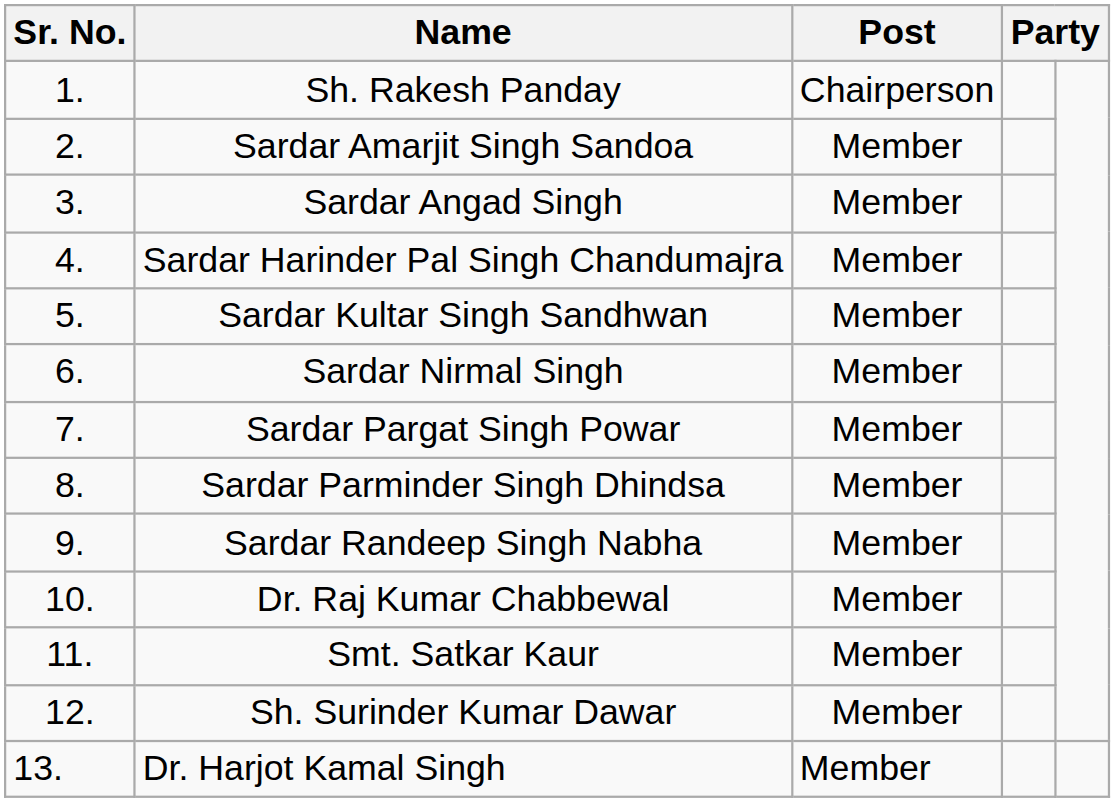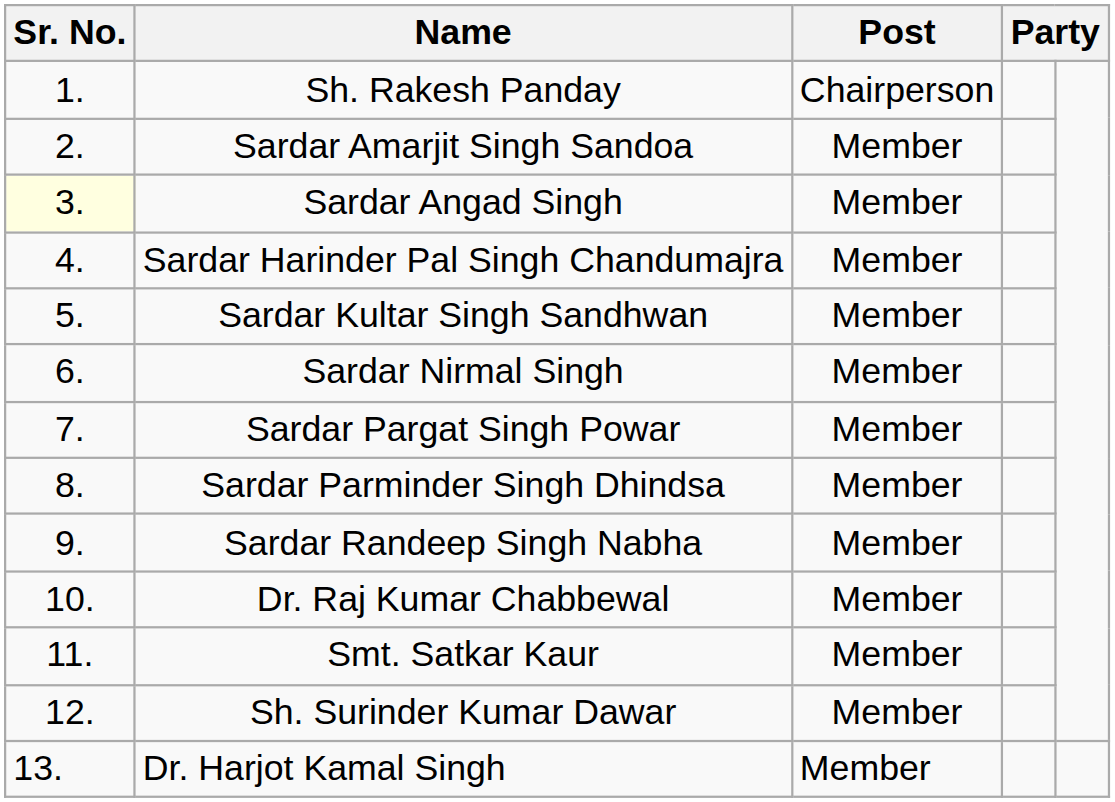 <table class="wikitable sortable">
 <tr>
 <th>Sr. No.</th>
 <th>Name</th>
 <th>Post</th>
 <th colspan="2">Party</th>
 </tr>
 <tr align="center">
 <td>1.</td>
 <td>Sh. Rakesh Panday</td>
 <td>Chairperson</td>
 <td></td>
 </tr>
 <tr align="center">
 <td>2.</td>
 <td>Sardar Amarjit Singh Sandoa</td>
 <td>Member</td>
 <td></td>
 </tr>
 <tr align="center">
-<td>3.</td>
+<td style="background: lightyellow;">3.</td>
 <td>Sardar Angad Singh</td>
 <td>Member</td>
 <td></td>
 </tr>
 <tr align="center">
 <td>4.</td>
 <td>Sardar Harinder Pal Singh Chandumajra</td>
 <td>Member</td>
 <td></td>
 </tr>
 <tr align="center">
 <td>5.</td>
 <td>Sardar Kultar Singh Sandhwan</td>
 <td>Member</td>
 <td></td>
 </tr>
 <tr align="center">
 <td>6.</td>
 <td>Sardar Nirmal Singh</td>
 <td>Member</td>
 <td></td>
 </tr>
 <tr align="center">
 <td>7.</td>
 <td>Sardar Pargat Singh Powar</td>
 <td>Member</td>
 <td></td>
 </tr>
 <tr align="center">
 <td>8.</td>
 <td>Sardar Parminder Singh Dhindsa</td>
 <td>Member</td>
 <td></td>
 </tr>
 <tr align="center">
 <td>9.</td>
 <td>Sardar Randeep Singh Nabha</td>
 <td>Member</td>
 <td></td>
 </tr>
 <tr align="center">
 <td>10.</td>
 <td>Dr. Raj Kumar Chabbewal</td>
 <td>Member</td>
 <td></td>
 </tr>
 <tr align="center">
 <td>11.</td>
 <td>Smt. Satkar Kaur</td>
 <td>Member</td>
 <td></td>
 </tr>
 <tr align="center">
 <td>12.</td>
 <td>Sh. Surinder Kumar Dawar</td>
 <td>Member</td>
 <td></td>
 </tr>
 <tr>
 <td>13.</td>
 <td>Dr. Harjot Kamal Singh</td>
 <td>Member</td>
 <td></td>
 <td></td>
 </tr>
 </table>
